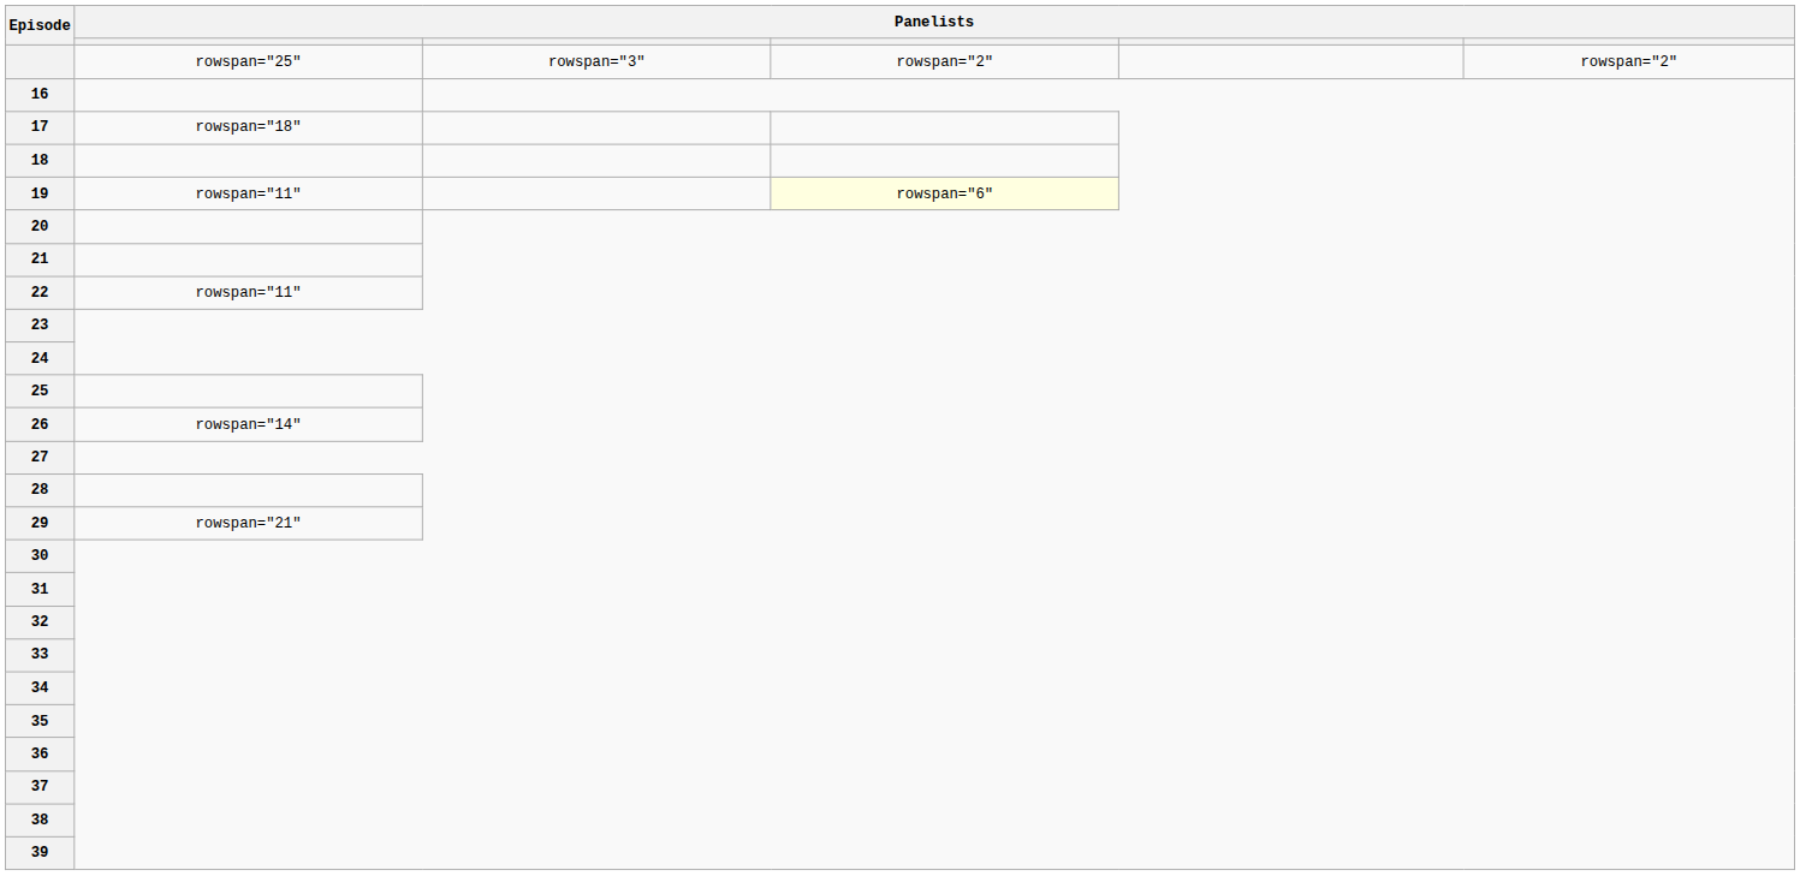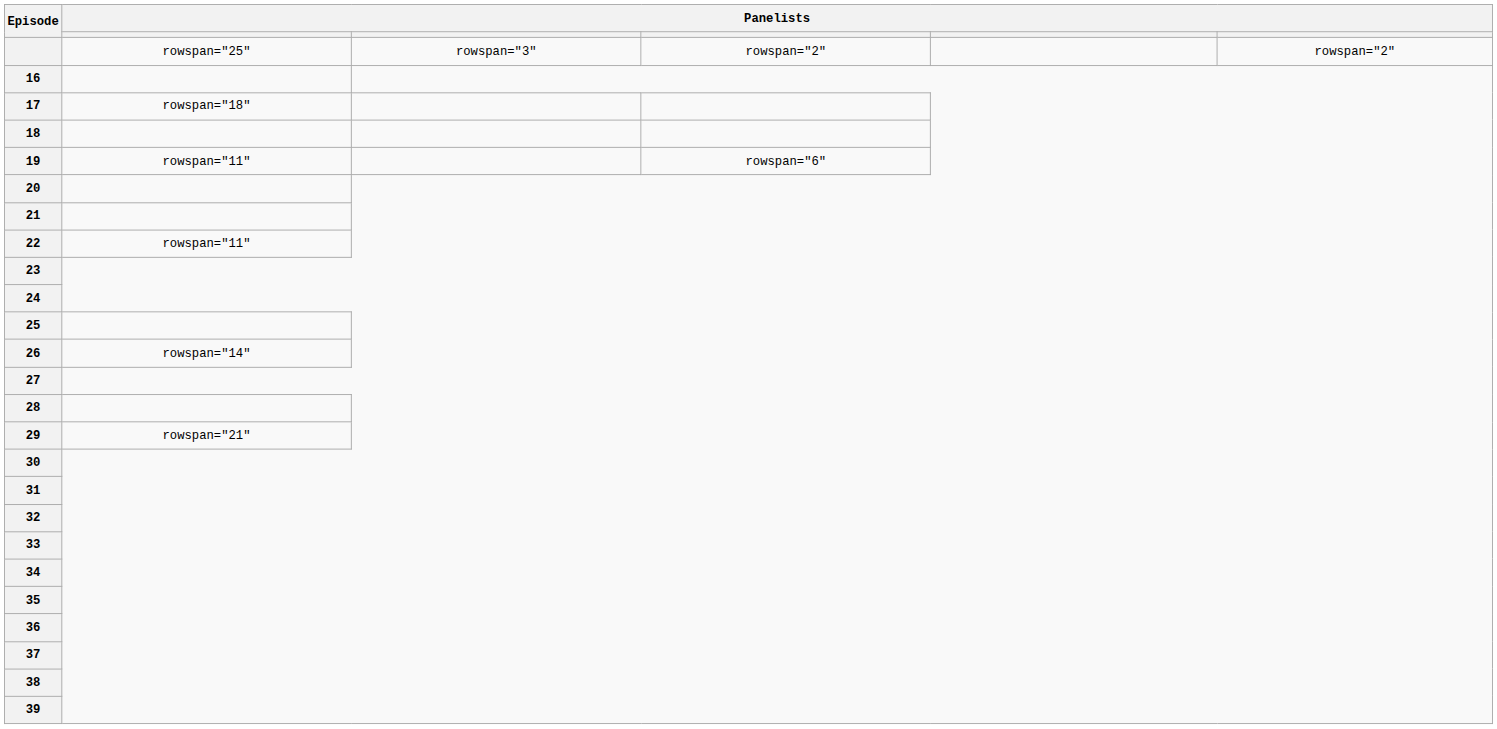 <table class="wikitable plainrowheaders mw-collapsible" style="text-align:center; line-height:23px; width:100%;">
 <tr>
 <th rowspan="2" width="1%">Episode</th>
 <th colspan="5">Panelists</th>
 </tr>
 <tr>
 <th width="20%"></th>
 <th width="20%"></th>
 <th width="20%"></th>
 <th width="20%"></th>
 <th width="20%"></th>
 </tr>
 <tr>
 <th></th>
 <td>rowspan="25" </td>
 <td>rowspan="3" </td>
 <td>rowspan="2" </td>
 <td></td>
 <td>rowspan="2" </td>
 </tr>
 <tr>
 <th>16</th>
 <td></td>
 </tr>
 <tr>
 <th>17</th>
 <td>rowspan="18" </td>
 <td></td>
 <td></td>
 </tr>
 <tr>
 <th>18</th>
 <td></td>
 <td></td>
 <td></td>
 </tr>
 <tr>
 <th>19</th>
 <td>rowspan="11" </td>
 <td></td>
-<td style="background: lightyellow;">rowspan="6" </td>
+<td>rowspan="6" </td>
 </tr>
 <tr>
 <th>20</th>
 <td></td>
 </tr>
 <tr>
 <th>21</th>
 <td></td>
 </tr>
 <tr>
 <th>22</th>
 <td>rowspan="11" </td>
 </tr>
 <tr>
 <th>23</th>
 </tr>
 <tr>
 <th>24</th>
 </tr>
 <tr>
 <th>25</th>
 <td></td>
 </tr>
 <tr>
 <th>26</th>
 <td>rowspan="14" </td>
 </tr>
 <tr>
 <th>27</th>
 </tr>
 <tr>
 <th>28</th>
 <td></td>
 </tr>
 <tr>
 <th>29</th>
 <td>rowspan="21" </td>
 </tr>
 <tr>
 <th>30</th>
 </tr>
 <tr>
 <th>31</th>
 </tr>
 <tr>
 <th>32</th>
 </tr>
 <tr>
 <th>33</th>
 </tr>
 <tr>
 <th>34</th>
 </tr>
 <tr>
 <th>35</th>
 </tr>
 <tr>
 <th>36</th>
 </tr>
 <tr>
 <th>37</th>
 </tr>
 <tr>
 <th>38</th>
 </tr>
 <tr>
 <th>39</th>
 </tr>
 </table>
